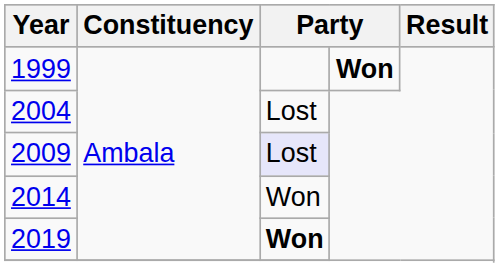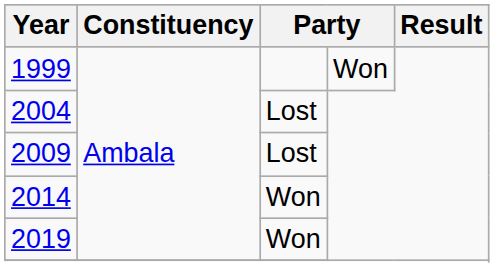 <table class="wikitable sortable">
 <tr>
 <th>Year</th>
 <th>Constituency</th>
 <th colspan=2>Party</th>
 <th>Result</th>
 </tr>
 <tr>
 <td><a href='#'>1999</a></td>
 <td rowspan=5><a href='#'>Ambala</a></td>
 <td></td>
-<td><strong>Won</strong></td>
+<td>Won</td>
 </tr>
 <tr>
 <td><a href='#'>2004</a></td>
 <td>Lost</td>
 </tr>
 <tr>
 <td><a href='#'>2009</a></td>
-<td style="background: lavender;">Lost</td>
+<td>Lost</td>
 </tr>
 <tr>
 <td><a href='#'>2014</a></td>
 <td>Won</td>
 </tr>
 <tr>
 <td><a href='#'>2019</a></td>
-<td><strong>Won</strong></td>
+<td>Won</td>
 </tr>
 <tr>
 </tr>
 </table>
